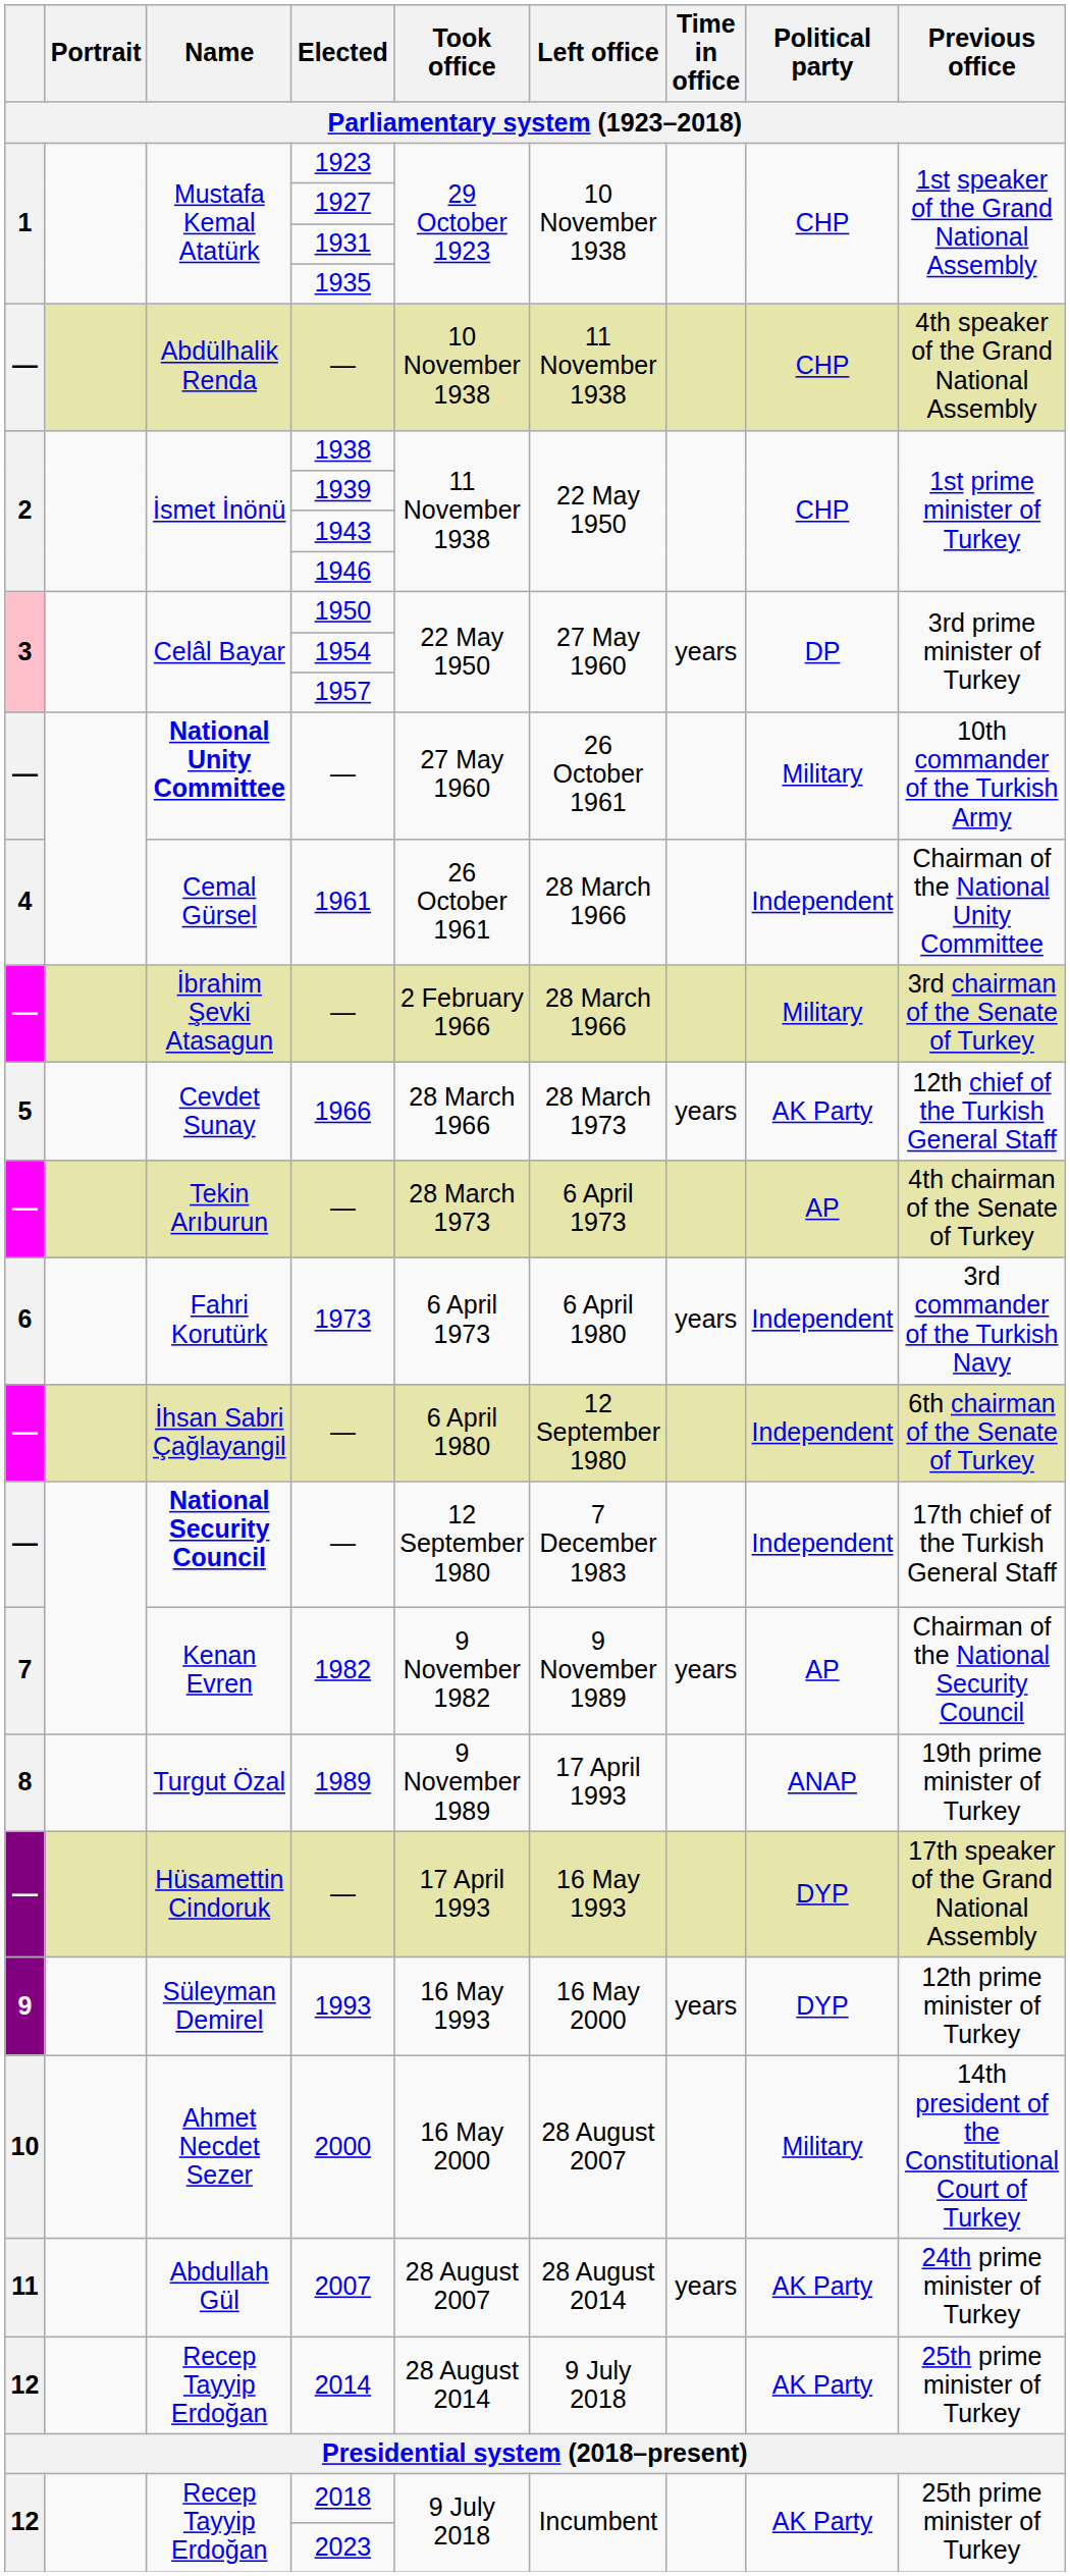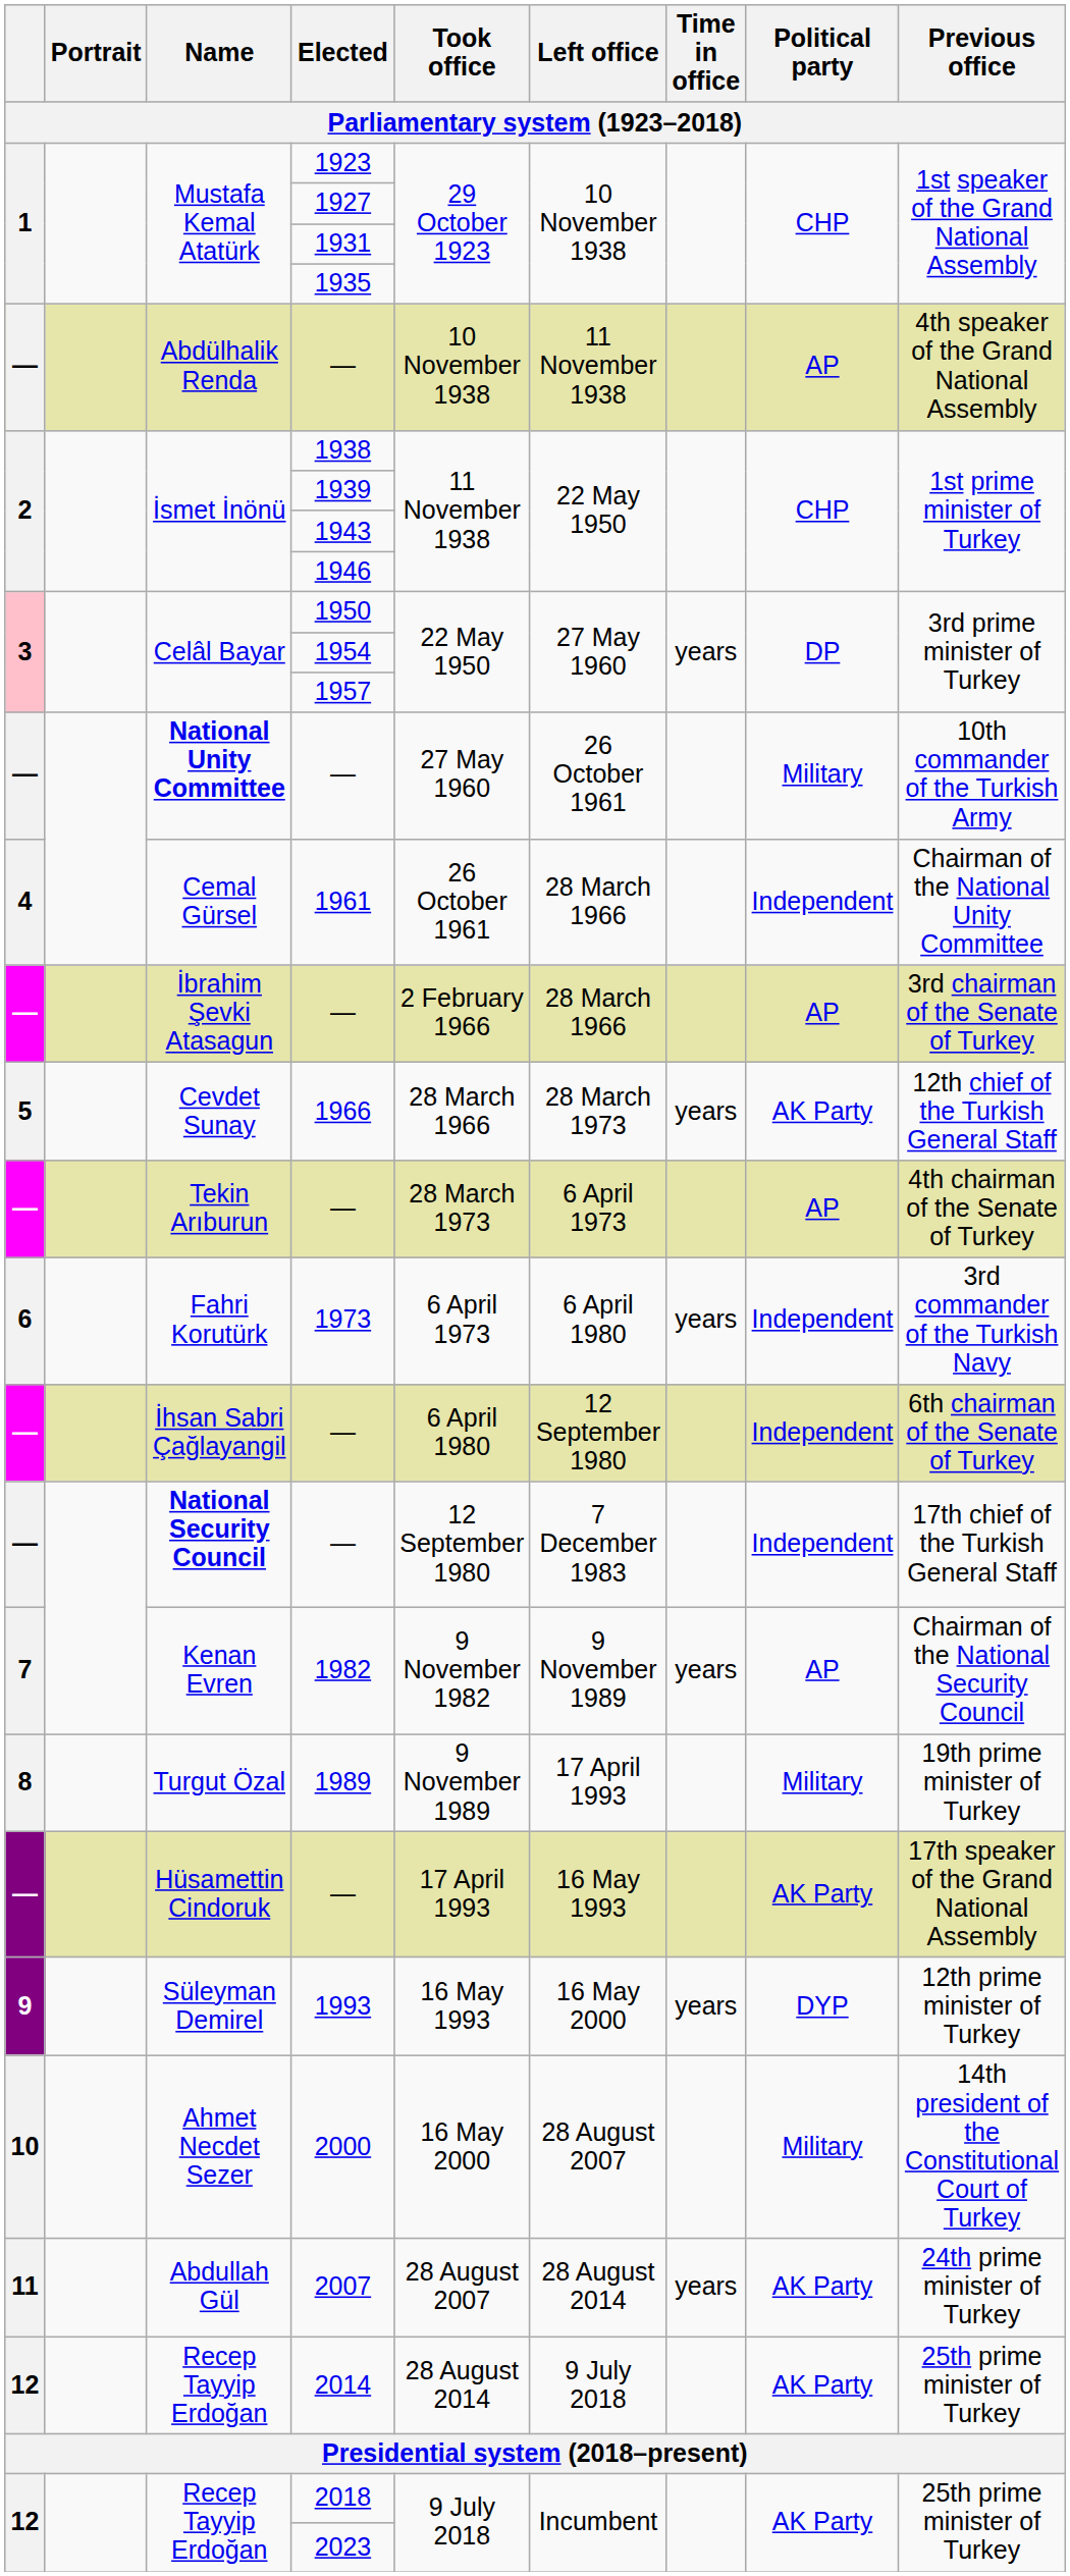 <table class="wikitable" style="text-align:center">
 <tr>
 <th></th>
 <th>Portrait</th>
 <th>Name<br></th>
 <th>Elected</th>
 <th>Took office</th>
 <th>Left office</th>
 <th>Time in office</th>
 <th>Political party</th>
 <th>Previous office</th>
 </tr>
 <tr>
 <th colspan="9"><a href='#'>Parliamentary system</a> (1923–2018)</th>
 </tr>
 <tr>
 <th rowspan="4" style="background:">1</th>
 <td rowspan="4"></td>
 <td rowspan="4"><a href='#'>Mustafa Kemal Atatürk</a><br></td>
 <td><a href='#'>1923</a></td>
 <td rowspan="4"><a href='#'>29 October 1923</a></td>
 <td rowspan="4">10 November 1938<br></td>
 <td rowspan="4"></td>
 <td rowspan="4"><a href='#'>CHP</a></td>
 <td rowspan="4"><a href='#'>1st</a> <a href='#'>speaker of the Grand National Assembly</a></td>
 </tr>
 <tr>
 <td><a href='#'>1927</a></td>
 </tr>
 <tr>
 <td><a href='#'>1931</a></td>
 </tr>
 <tr>
 <td><a href='#'>1935</a></td>
 </tr>
 <tr style="background:#e6e6aa;">
 <th style="background:">—</th>
 <td></td>
 <td><a href='#'>Abdülhalik Renda</a><br></td>
 <td>—</td>
 <td>10 November 1938</td>
 <td>11 November 1938</td>
 <td></td>
-<td><a href='#'>CHP</a></td>
+<td><a href='#'>AP</a></td>
 <td>4th speaker of the Grand National Assembly</td>
 </tr>
 <tr>
 <th rowspan="4" style="background:">2</th>
 <td rowspan="4"></td>
 <td rowspan="4"><a href='#'>İsmet İnönü</a><br></td>
 <td><a href='#'>1938</a></td>
 <td rowspan="4">11 November 1938</td>
 <td rowspan="4">22 May 1950</td>
 <td rowspan="4"></td>
 <td rowspan="4"><a href='#'>CHP</a></td>
 <td rowspan="4"><a href='#'>1st</a> <a href='#'>prime minister of Turkey</a></td>
 </tr>
 <tr>
 <td><a href='#'>1939</a></td>
 </tr>
 <tr>
 <td><a href='#'>1943</a></td>
 </tr>
 <tr>
 <td><a href='#'>1946</a></td>
 </tr>
 <tr>
 <th rowspan="3" style="background:Pink; color:black;">3</th>
 <td rowspan="3"></td>
 <td rowspan="3"><a href='#'>Celâl Bayar</a><br></td>
 <td><a href='#'>1950</a></td>
 <td rowspan="3">22 May 1950</td>
 <td rowspan="3">27 May 1960</td>
 <td rowspan="3"> years</td>
 <td rowspan="3"><a href='#'>DP</a></td>
 <td rowspan="3">3rd prime minister of Turkey</td>
 </tr>
 <tr>
 <td><a href='#'>1954</a></td>
 </tr>
 <tr>
 <td><a href='#'>1957</a></td>
 </tr>
 <tr>
 <th style="background:">—</th>
 <td rowspan="2"></td>
 <td><strong><a href='#'>National Unity Committee</a></strong><br><br></td>
 <td>—</td>
 <td>27 May 1960</td>
 <td>26 October 1961</td>
 <td></td>
 <td><a href='#'>Military</a></td>
 <td>10th <a href='#'>commander of the Turkish Army</a></td>
 </tr>
 <tr>
 <th style="background:">4</th>
 <td><a href='#'>Cemal Gürsel</a><br></td>
 <td><a href='#'>1961</a></td>
 <td>26 October 1961</td>
 <td>28 March 1966</td>
 <td></td>
 <td><a href='#'>Independent</a></td>
 <td>Chairman of the <a href='#'>National Unity Committee</a></td>
 </tr>
 <tr style="background:#e6e6aa;">
 <th style="background:Magenta; color:white;">—</th>
 <td></td>
 <td><a href='#'>İbrahim Şevki Atasagun</a><br></td>
 <td>—</td>
 <td>2 February 1966</td>
 <td>28 March 1966</td>
 <td></td>
-<td><a href='#'>Military</a></td>
+<td><a href='#'>AP</a></td>
 <td>3rd <a href='#'>chairman of the Senate of Turkey</a></td>
 </tr>
 <tr>
 <th style="background:">5</th>
 <td></td>
 <td><a href='#'>Cevdet Sunay</a><br></td>
 <td><a href='#'>1966</a></td>
 <td>28 March 1966</td>
 <td>28 March 1973</td>
 <td> years</td>
 <td><a href='#'>AK Party</a></td>
 <td>12th <a href='#'>chief of the Turkish General Staff</a></td>
 </tr>
 <tr style="background:#e6e6aa;">
 <th style="background:Magenta; color:white;">—</th>
 <td></td>
 <td><a href='#'>Tekin Arıburun</a><br></td>
 <td>—</td>
 <td>28 March 1973</td>
 <td>6 April 1973</td>
 <td></td>
 <td><a href='#'>AP</a></td>
 <td>4th chairman of the Senate of Turkey</td>
 </tr>
 <tr>
 <th style="background:">6</th>
 <td></td>
 <td><a href='#'>Fahri Korutürk</a><br></td>
 <td><a href='#'>1973</a></td>
 <td>6 April 1973</td>
 <td>6 April 1980</td>
 <td> years</td>
 <td><a href='#'>Independent</a></td>
 <td>3rd <a href='#'>commander of the Turkish Navy</a></td>
 </tr>
 <tr style="background:#e6e6aa;">
 <th style="background:Magenta; color:white;">—</th>
 <td></td>
 <td><a href='#'>İhsan Sabri Çağlayangil</a><br></td>
 <td>—</td>
 <td>6 April 1980</td>
 <td>12 September 1980</td>
 <td></td>
 <td><a href='#'>Independent</a></td>
 <td>6th <a href='#'>chairman of the Senate of Turkey</a></td>
 </tr>
 <tr>
 <th style="background:">—</th>
 <td rowspan="2"></td>
 <td><strong><a href='#'>National Security Council</a></strong><br><br></td>
 <td>—</td>
 <td>12 September 1980</td>
 <td>7 December 1983</td>
 <td></td>
 <td><a href='#'>Independent</a></td>
 <td>17th chief of the Turkish General Staff</td>
 </tr>
 <tr>
 <th style="background:">7</th>
 <td><a href='#'>Kenan Evren</a><br></td>
 <td><a href='#'>1982</a></td>
 <td>9 November 1982</td>
 <td>9 November 1989</td>
 <td> years</td>
 <td><a href='#'>AP</a></td>
 <td>Chairman of the <a href='#'>National Security Council</a></td>
 </tr>
 <tr>
 <th style="background:">8</th>
 <td></td>
 <td><a href='#'>Turgut Özal</a><br></td>
 <td><a href='#'>1989</a></td>
 <td>9 November 1989</td>
 <td>17 April 1993<br></td>
 <td></td>
-<td><a href='#'>ANAP</a></td>
+<td><a href='#'>Military</a></td>
 <td>19th prime minister of Turkey</td>
 </tr>
 <tr style="background:#e6e6aa;">
 <th style="background:Purple; color:white;">—</th>
 <td></td>
 <td><a href='#'>Hüsamettin Cindoruk</a><br></td>
 <td>—</td>
 <td>17 April 1993</td>
 <td>16 May 1993</td>
 <td></td>
-<td><a href='#'>DYP</a></td>
+<td><a href='#'>AK Party</a></td>
 <td>17th speaker of the Grand National Assembly</td>
 </tr>
 <tr>
 <th style="background:Purple; color:white;">9</th>
 <td></td>
 <td><a href='#'>Süleyman Demirel</a><br></td>
 <td><a href='#'>1993</a></td>
 <td>16 May 1993</td>
 <td>16 May 2000</td>
 <td> years</td>
 <td><a href='#'>DYP</a></td>
 <td>12th prime minister of Turkey</td>
 </tr>
 <tr>
 <th style="background:">10</th>
 <td></td>
 <td><a href='#'>Ahmet Necdet Sezer</a><br></td>
 <td><a href='#'>2000</a></td>
 <td>16 May 2000</td>
 <td>28 August 2007</td>
 <td></td>
 <td><a href='#'>Military</a></td>
 <td>14th <a href='#'>president of the Constitutional Court of Turkey</a></td>
 </tr>
 <tr>
 <th style="background:">11</th>
 <td></td>
 <td><a href='#'>Abdullah Gül</a><br></td>
 <td><a href='#'>2007</a></td>
 <td>28 August 2007</td>
 <td>28 August 2014</td>
 <td> years</td>
 <td><a href='#'>AK Party</a></td>
 <td><a href='#'>24th</a> prime minister of Turkey</td>
 </tr>
 <tr>
 <th style="background:">12</th>
 <td></td>
 <td><a href='#'>Recep Tayyip Erdoğan</a><br></td>
 <td><a href='#'>2014</a></td>
 <td>28 August 2014</td>
 <td>9 July 2018</td>
 <td></td>
 <td><a href='#'>AK Party</a></td>
 <td><a href='#'>25th</a> prime minister of Turkey</td>
 </tr>
 <tr>
 <th colspan="9"><a href='#'>Presidential system</a> (2018–present)</th>
 </tr>
 <tr>
 <th rowspan="2" style="background:">12</th>
 <td rowspan="2"></td>
 <td rowspan="2"><a href='#'>Recep Tayyip Erdoğan</a><br></td>
 <td><a href='#'>2018</a></td>
 <td rowspan="2">9 July 2018</td>
 <td rowspan="2">Incumbent</td>
 <td rowspan="2"></td>
 <td rowspan="2"><a href='#'>AK Party</a></td>
 <td rowspan="2">25th prime minister of Turkey</td>
 </tr>
 <tr>
 <td><a href='#'>2023</a></td>
 </tr>
 </table>
